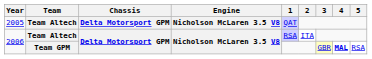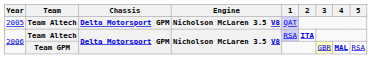 <table class="wikitable" style="text-align:center; font-size:85%">
 <tr>
 <th>Year</th>
 <th>Team</th>
 <th>Chassis</th>
 <th>Engine</th>
 <th>1</th>
 <th>2</th>
 <th>3</th>
 <th>4</th>
 <th>5</th>
 </tr>
 <tr>
 <td><a href='#'>2005</a></td>
 <th nowrap>Team Altech</th>
 <th nowrap><a href='#'>Delta Motorsport</a> GPM</th>
 <th nowrap>Nicholson McLaren 3.5 <a href='#'>V8</a></th>
 <td style="background:#cfcfff;"><a href='#'>QAT</a><br></td>
 <td colspan=4></td>
 </tr>
 <tr>
 <td rowspan=2><a href='#'>2006</a></td>
 <th nowrap>Team Altech</th>
 <th rowspan=2 nowrap><a href='#'>Delta Motorsport</a> GPM</th>
 <th rowspan=2 nowrap>Nicholson McLaren 3.5 <a href='#'>V8</a></th>
 <td style="background:#cfcfff;"><a href='#'>RSA</a><br></td>
-<td style="background:#ffffff;"><a href='#'>ITA</a><br></td>
+<td style="background:#ffffff;"><strong><a href='#'>ITA</a><br></strong></td>
 <td colspan=3></td>
 </tr>
 <tr>
 <th nowrap>Team GPM</th>
 <td colspan=2></td>
 <td style="background:#ffffbf;"><a href='#'>GBR</a><br></td>
 <td style="background:#ffffff;"><strong><a href='#'>MAL</a><br></strong></td>
 <td style="background:#ffffff;"><a href='#'>RSA</a><br></td>
 </tr>
 </table>
